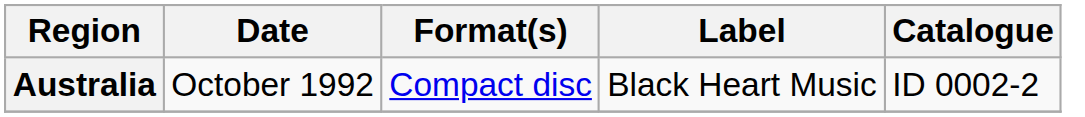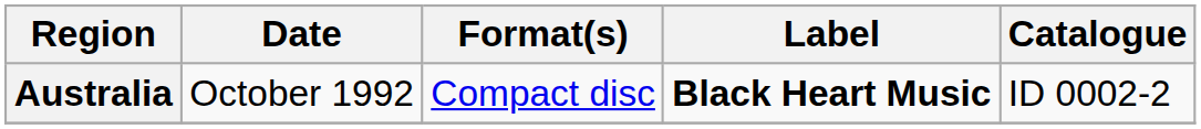 <table class="wikitable plainrowheaders">
 <tr>
 <th scope="col">Region</th>
 <th scope="col">Date</th>
 <th scope="col">Format(s)</th>
 <th scope="col">Label</th>
 <th scope="col">Catalogue</th>
 </tr>
 <tr>
 <th scope="row">Australia</th>
 <td>October 1992</td>
 <td><a href='#'>Compact disc</a></td>
-<td>Black Heart Music</td>
+<td><strong>Black Heart Music</strong></td>
 <td>ID 0002-2</td>
 </tr>
 <tr>
 </tr>
 </table>
